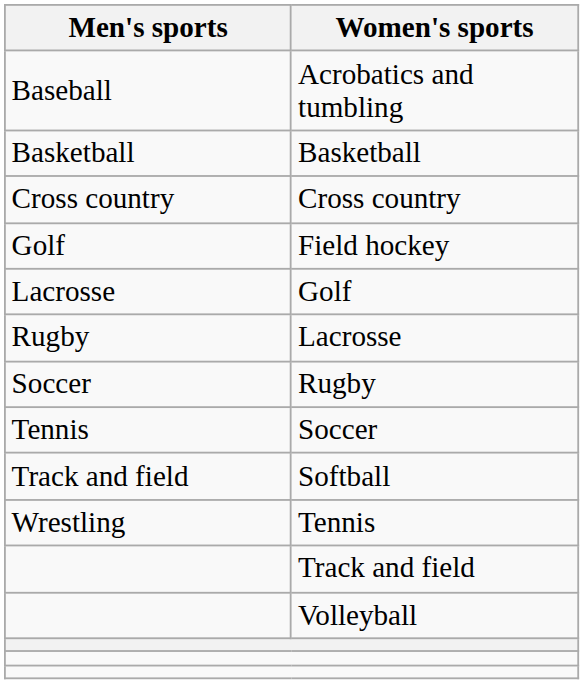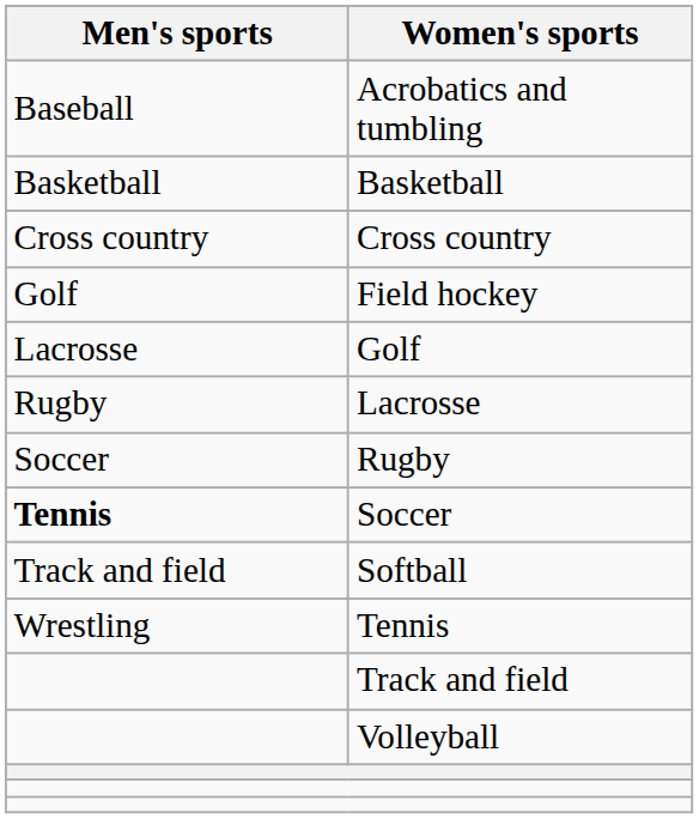 <table class="wikitable"; style= "text-align: ">
 <tr>
 <th width=150px>Men's sports</th>
 <th width=150px>Women's sports</th>
 </tr>
 <tr>
 <td>Baseball</td>
 <td>Acrobatics and tumbling</td>
 </tr>
 <tr>
 <td>Basketball</td>
 <td>Basketball</td>
 </tr>
 <tr>
 <td>Cross country</td>
 <td>Cross country</td>
 </tr>
 <tr>
 <td>Golf</td>
 <td>Field hockey</td>
 </tr>
 <tr>
 <td>Lacrosse</td>
 <td>Golf</td>
 </tr>
 <tr>
 <td>Rugby</td>
 <td>Lacrosse</td>
 </tr>
 <tr>
 <td>Soccer</td>
 <td>Rugby</td>
 </tr>
 <tr>
-<td>Tennis</td>
+<td><strong>Tennis</strong></td>
 <td>Soccer</td>
 </tr>
 <tr>
 <td>Track and field</td>
 <td>Softball</td>
 </tr>
 <tr>
 <td>Wrestling</td>
 <td>Tennis</td>
 </tr>
 <tr>
 <td></td>
 <td>Track and field</td>
 </tr>
 <tr>
 <td></td>
 <td>Volleyball</td>
 </tr>
 <tr>
 <th colspan=2></th>
 </tr>
 <tr>
 <td colspan=2></td>
 </tr>
 <tr>
 <td colspan=2></td>
 </tr>
 </table>
